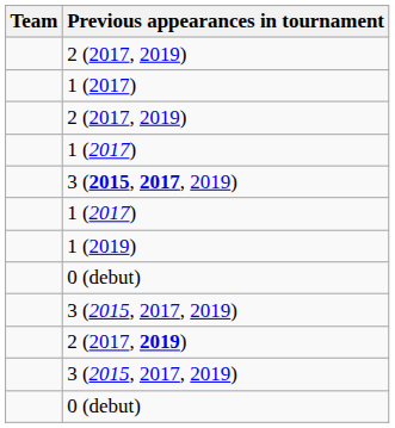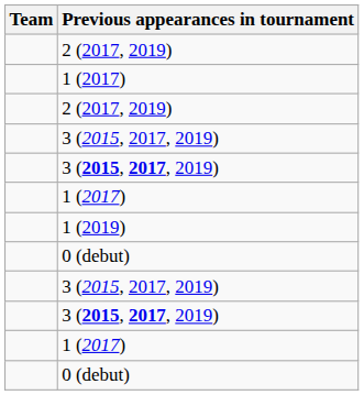 <table class="wikitable sortable">
 <tr>
 <th>Team</th>
 <th>Previous appearances in tournament</th>
 </tr>
 <tr>
 <td></td>
 <td>2 (<a href='#'>2017</a>, <a href='#'>2019</a>)</td>
 </tr>
 <tr>
 <td></td>
 <td>1 (<a href='#'>2017</a>)</td>
 </tr>
 <tr>
 <td></td>
 <td>2 (<a href='#'>2017</a>, <a href='#'>2019</a>)</td>
 </tr>
 <tr>
 <td></td>
-<td>1 (<em><a href='#'>2017</a></em>)</td>
+<td>3 (<em><a href='#'>2015</a></em>, <a href='#'>2017</a>, <a href='#'>2019</a>)</td>
 </tr>
 <tr>
 <td></td>
 <td>3 (<strong><a href='#'>2015</a></strong>, <strong><a href='#'>2017</a></strong>, <a href='#'>2019</a>)</td>
 </tr>
 <tr>
 <td></td>
 <td>1 (<em><a href='#'>2017</a></em>)</td>
 </tr>
 <tr>
 <td></td>
 <td>1 (<a href='#'>2019</a>)</td>
 </tr>
 <tr>
 <td></td>
 <td>0 (debut)</td>
 </tr>
 <tr>
 <td></td>
 <td>3 (<em><a href='#'>2015</a></em>, <a href='#'>2017</a>, <a href='#'>2019</a>)</td>
 </tr>
 <tr>
 <td></td>
-<td>2 (<a href='#'>2017</a>, <strong><a href='#'>2019</a></strong>)</td>
+<td>3 (<strong><a href='#'>2015</a></strong>, <strong><a href='#'>2017</a></strong>, <a href='#'>2019</a>)</td>
 </tr>
 <tr>
 <td></td>
-<td>3 (<em><a href='#'>2015</a></em>, <a href='#'>2017</a>, <a href='#'>2019</a>)</td>
+<td>1 (<em><a href='#'>2017</a></em>)</td>
 </tr>
 <tr>
 <td></td>
 <td>0 (debut)</td>
 </tr>
 </table>
